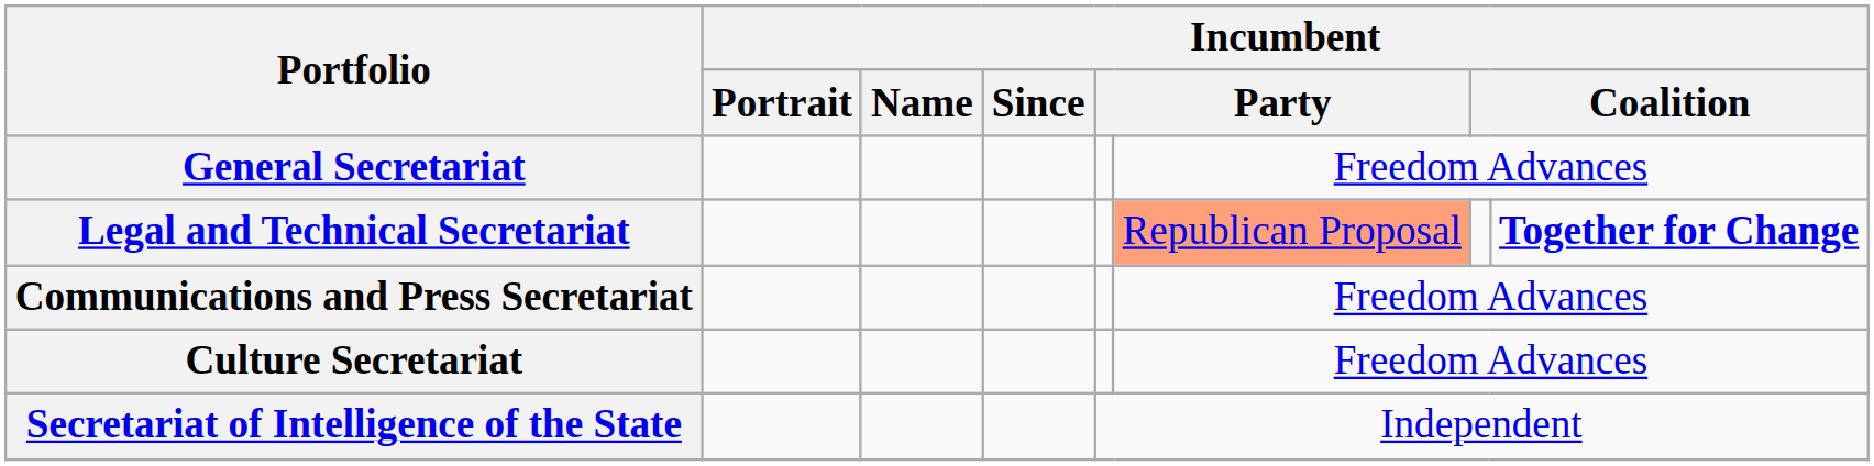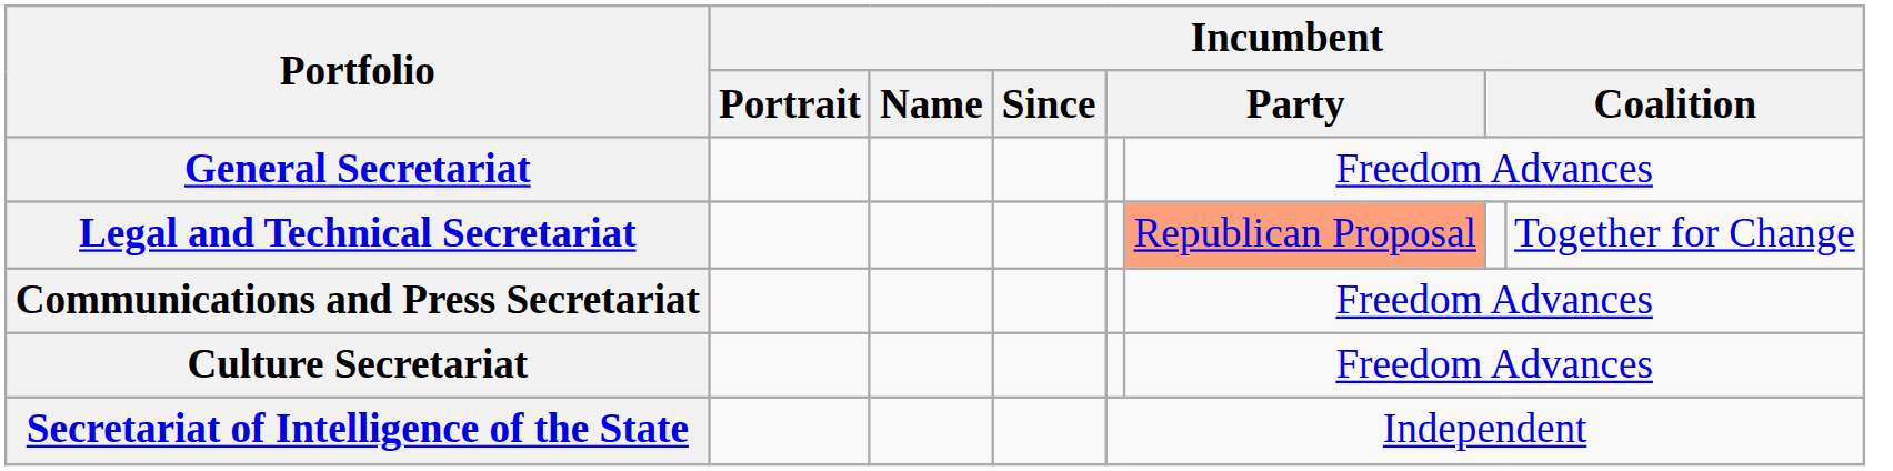 <table class="wikitable plainrowheaders sortable" style="text-align:center">
 <tr>
 <th scope="col" rowspan="2">Portfolio</th>
 <th scope="col" colspan="7">Incumbent</th>
 </tr>
 <tr>
 <th scope="col" class="unsortable">Portrait</th>
 <th scope="col">Name</th>
 <th scope="col">Since</th>
 <th scope="col" colspan="2">Party</th>
 <th scope="col" colspan="2">Coalition</th>
 </tr>
 <tr>
 <th scope="row"><a href='#'>General Secretariat</a></th>
 <td></td>
 <td></td>
 <td></td>
 <td></td>
 <td colspan="4"><a href='#'>Freedom Advances</a></td>
 </tr>
 <tr>
 <th scope="row"><a href='#'>Legal and Technical Secretariat</a></th>
 <td></td>
 <td></td>
 <td></td>
 <td></td>
 <td style="background: lightsalmon;"><a href='#'>Republican Proposal</a></td>
 <td></td>
-<td><strong><a href='#'>Together for Change</a></strong></td>
+<td><a href='#'>Together for Change</a></td>
 </tr>
 <tr>
 <th scope="row">Communications and Press Secretariat</th>
 <td></td>
 <td></td>
 <td></td>
 <td></td>
 <td colspan="4"><a href='#'>Freedom Advances</a></td>
 </tr>
 <tr>
 <th scope="row">Culture Secretariat</th>
 <td></td>
 <td></td>
 <td></td>
 <td></td>
 <td colspan="4"><a href='#'>Freedom Advances</a></td>
 </tr>
 <tr>
 <th scope="row"><a href='#'>Secretariat of Intelligence of the State</a></th>
 <td></td>
 <td></td>
 <td></td>
 <td colspan="4"><a href='#'>Independent</a></td>
 </tr>
 </table>
